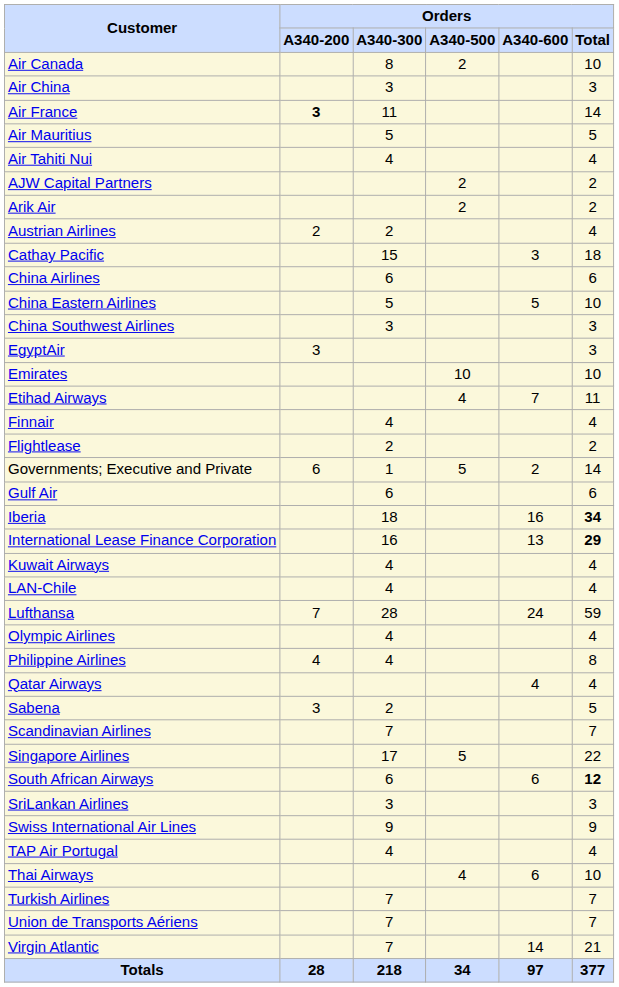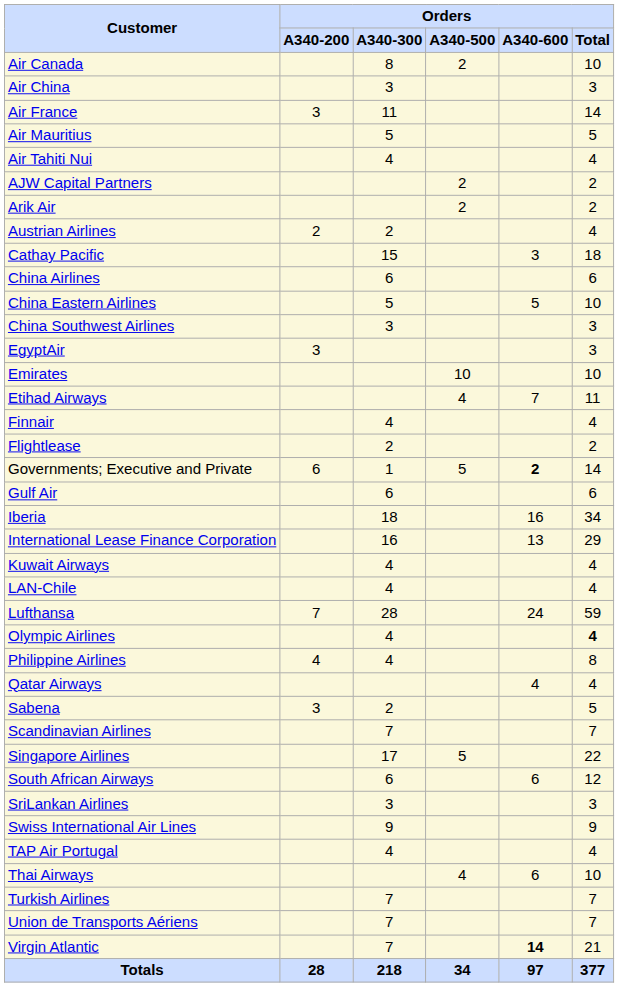 <table class="wikitable sortable sticky-header-multi" style="text-align:center; background:#fbf8db">
 <tr>
 <th rowspan="2" style="background-color:#ccddff">Customer</th>
 <th colspan="5" style="background-color:#ccddff">Orders</th>
 </tr>
 <tr style="background-color:#ccddff">
 <th style="background-color:#ccddff">A340-200</th>
 <th style="background-color:#ccddff">A340-300</th>
 <th style="background-color:#ccddff">A340-500</th>
 <th style="background-color:#ccddff">A340-600</th>
 <th style="background-color:#ccddff">Total</th>
 </tr>
 <tr>
 <td align='left'><a href='#'>Air Canada</a></td>
 <td></td>
 <td>8</td>
 <td>2</td>
 <td></td>
 <td>10</td>
 </tr>
 <tr>
 <td align='left'><a href='#'>Air China</a></td>
 <td></td>
 <td>3</td>
 <td></td>
 <td></td>
 <td>3</td>
 </tr>
 <tr>
 <td align='left'><a href='#'>Air France</a></td>
-<td><strong>3</strong></td>
+<td>3</td>
 <td>11</td>
 <td></td>
 <td></td>
 <td>14</td>
 </tr>
 <tr>
 <td align='left'><a href='#'>Air Mauritius</a></td>
 <td></td>
 <td>5</td>
 <td></td>
 <td></td>
 <td>5</td>
 </tr>
 <tr>
 <td align='left'><a href='#'>Air Tahiti Nui</a></td>
 <td></td>
 <td>4</td>
 <td></td>
 <td></td>
 <td>4</td>
 </tr>
 <tr>
 <td align='left'><a href='#'>AJW Capital Partners</a></td>
 <td></td>
 <td></td>
 <td>2</td>
 <td></td>
 <td>2</td>
 </tr>
 <tr>
 <td align='left'><a href='#'>Arik Air</a></td>
 <td></td>
 <td></td>
 <td>2</td>
 <td></td>
 <td>2</td>
 </tr>
 <tr>
 <td align='left'><a href='#'>Austrian Airlines</a></td>
 <td>2</td>
 <td>2</td>
 <td></td>
 <td></td>
 <td>4</td>
 </tr>
 <tr>
 <td align='left'><a href='#'>Cathay Pacific</a></td>
 <td></td>
 <td>15</td>
 <td></td>
 <td>3</td>
 <td>18</td>
 </tr>
 <tr>
 <td align='left'><a href='#'>China Airlines</a></td>
 <td></td>
 <td>6</td>
 <td></td>
 <td></td>
 <td>6</td>
 </tr>
 <tr>
 <td align='left'><a href='#'>China Eastern Airlines</a></td>
 <td></td>
 <td>5</td>
 <td></td>
 <td>5</td>
 <td>10</td>
 </tr>
 <tr>
 <td align='left'><a href='#'>China Southwest Airlines</a></td>
 <td></td>
 <td>3</td>
 <td></td>
 <td></td>
 <td>3</td>
 </tr>
 <tr>
 <td align='left'><a href='#'>EgyptAir</a></td>
 <td>3</td>
 <td></td>
 <td></td>
 <td></td>
 <td>3</td>
 </tr>
 <tr>
 <td align='left'><a href='#'>Emirates</a></td>
 <td></td>
 <td></td>
 <td>10</td>
 <td></td>
 <td>10</td>
 </tr>
 <tr>
 <td align='left'><a href='#'>Etihad Airways</a></td>
 <td></td>
 <td></td>
 <td>4</td>
 <td>7</td>
 <td>11</td>
 </tr>
 <tr>
 <td align='left'><a href='#'>Finnair</a></td>
 <td></td>
 <td>4</td>
 <td></td>
 <td></td>
 <td>4</td>
 </tr>
 <tr>
 <td align='left'><a href='#'>Flightlease</a></td>
 <td></td>
 <td>2</td>
 <td></td>
 <td></td>
 <td>2</td>
 </tr>
 <tr>
 <td align='left'>Governments; Executive and Private</td>
 <td>6</td>
 <td>1</td>
 <td>5</td>
-<td>2</td>
+<td><strong>2</strong></td>
 <td>14</td>
 </tr>
 <tr>
 <td align='left'><a href='#'>Gulf Air</a></td>
 <td></td>
 <td>6</td>
 <td></td>
 <td></td>
 <td>6</td>
 </tr>
 <tr>
 <td align='left'><a href='#'>Iberia</a></td>
 <td></td>
 <td>18</td>
 <td></td>
 <td>16</td>
-<td><strong>34</strong></td>
+<td>34</td>
 </tr>
 <tr>
 <td align='left'><a href='#'>International Lease Finance Corporation</a></td>
 <td></td>
 <td>16</td>
 <td></td>
 <td>13</td>
-<td><strong>29</strong></td>
+<td>29</td>
 </tr>
 <tr>
 <td align='left'><a href='#'>Kuwait Airways</a></td>
 <td></td>
 <td>4</td>
 <td></td>
 <td></td>
 <td>4</td>
 </tr>
 <tr>
 <td align='left'><a href='#'>LAN-Chile</a></td>
 <td></td>
 <td>4</td>
 <td></td>
 <td></td>
 <td>4</td>
 </tr>
 <tr>
 <td align='left'><a href='#'>Lufthansa</a></td>
 <td>7</td>
 <td>28</td>
 <td></td>
 <td>24</td>
 <td>59</td>
 </tr>
 <tr>
 <td align='left'><a href='#'>Olympic Airlines</a></td>
 <td></td>
 <td>4</td>
 <td></td>
 <td></td>
-<td>4</td>
+<td><strong>4</strong></td>
 </tr>
 <tr>
 <td align='left'><a href='#'>Philippine Airlines</a></td>
 <td>4</td>
 <td>4</td>
 <td></td>
 <td></td>
 <td>8</td>
 </tr>
 <tr>
 <td align='left'><a href='#'>Qatar Airways</a></td>
 <td></td>
 <td></td>
 <td></td>
 <td>4</td>
 <td>4</td>
 </tr>
 <tr>
 <td align='left'><a href='#'>Sabena</a></td>
 <td>3</td>
 <td>2</td>
 <td></td>
 <td></td>
 <td>5</td>
 </tr>
 <tr>
 <td align='left'><a href='#'>Scandinavian Airlines</a></td>
 <td></td>
 <td>7</td>
 <td></td>
 <td></td>
 <td>7</td>
 </tr>
 <tr>
 <td align='left'><a href='#'>Singapore Airlines</a></td>
 <td></td>
 <td>17</td>
 <td>5</td>
 <td></td>
 <td>22</td>
 </tr>
 <tr>
 <td align='left'><a href='#'>South African Airways</a></td>
 <td></td>
 <td>6</td>
 <td></td>
 <td>6</td>
-<td><strong>12</strong></td>
+<td>12</td>
 </tr>
 <tr>
 <td align='left'><a href='#'>SriLankan Airlines</a></td>
 <td></td>
 <td>3</td>
 <td></td>
 <td></td>
 <td>3</td>
 </tr>
 <tr>
 <td align='left'><a href='#'>Swiss International Air Lines</a></td>
 <td></td>
 <td>9</td>
 <td></td>
 <td></td>
 <td>9</td>
 </tr>
 <tr>
 <td align='left'><a href='#'>TAP Air Portugal</a></td>
 <td></td>
 <td>4</td>
 <td></td>
 <td></td>
 <td>4</td>
 </tr>
 <tr>
 <td align='left'><a href='#'>Thai Airways</a></td>
 <td></td>
 <td></td>
 <td>4</td>
 <td>6</td>
 <td>10</td>
 </tr>
 <tr>
 <td align='left'><a href='#'>Turkish Airlines</a></td>
 <td></td>
 <td>7</td>
 <td></td>
 <td></td>
 <td>7</td>
 </tr>
 <tr>
 <td align='left'><a href='#'>Union de Transports Aériens</a></td>
 <td></td>
 <td>7</td>
 <td></td>
 <td></td>
 <td>7</td>
 </tr>
 <tr>
 <td align='left'><a href='#'>Virgin Atlantic</a></td>
 <td></td>
 <td>7</td>
 <td></td>
-<td>14</td>
+<td><strong>14</strong></td>
 <td>21</td>
 </tr>
 <tr class="sortbottom" style="font-weight:bold; background-color:#ccddff">
 <td>Totals</td>
 <td>28</td>
 <td>218</td>
 <td>34</td>
 <td>97</td>
 <td>377</td>
 </tr>
 </table>
